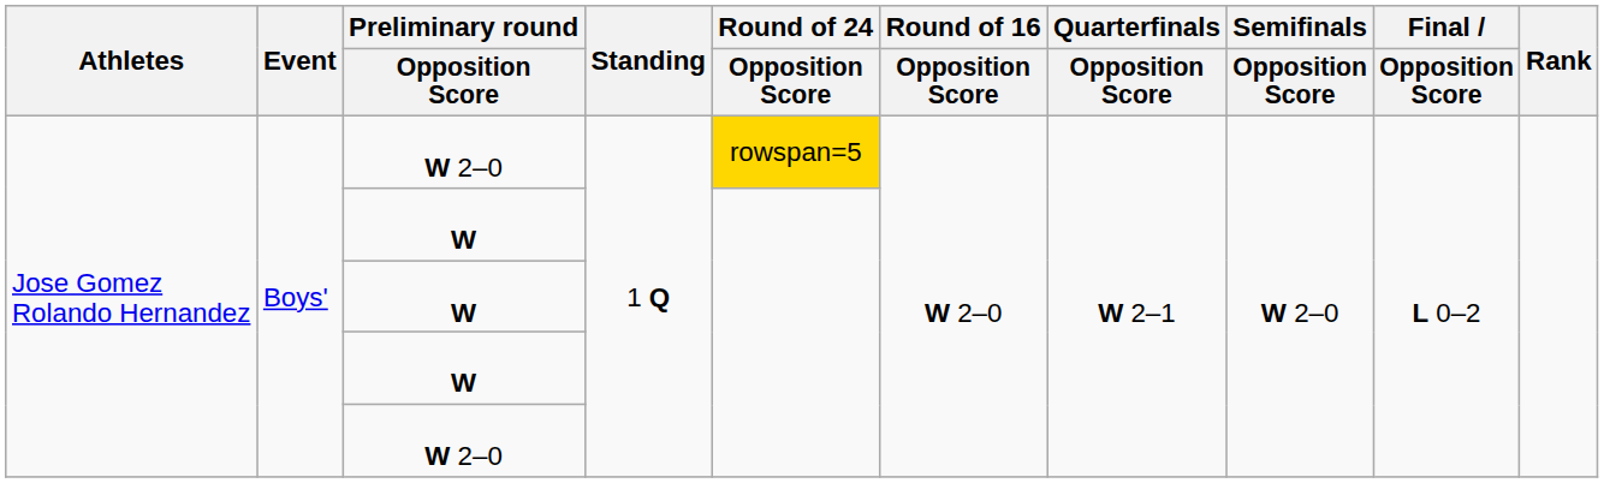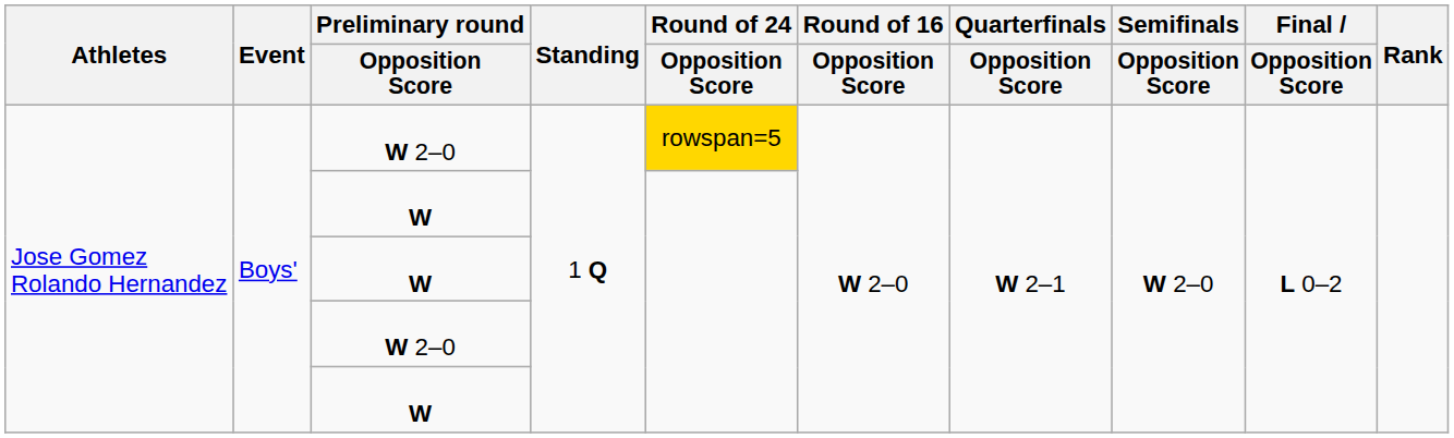 <table class=wikitable style="font-size:90%">
 <tr>
 <th rowspan="2">Athletes</th>
 <th rowspan="2">Event</th>
 <th>Preliminary round</th>
 <th rowspan="2">Standing</th>
 <th>Round of 24</th>
 <th>Round of 16</th>
 <th>Quarterfinals</th>
 <th>Semifinals</th>
 <th>Final / </th>
 <th rowspan=2>Rank</th>
 </tr>
 <tr style="font-size:95%">
 <th>Opposition<br>Score</th>
 <th>Opposition<br>Score</th>
 <th>Opposition<br>Score</th>
 <th>Opposition<br>Score</th>
 <th>Opposition<br>Score</th>
 <th>Opposition<br>Score</th>
 </tr>
 <tr align=center>
 <td align=left rowspan=5><a href='#'>Jose Gomez</a><br><a href='#'>Rolando Hernandez</a></td>
 <td align=left rowspan=5><a href='#'>Boys'</a></td>
 <td><br><strong>W</strong> 2–0</td>
 <td rowspan=5>1 <strong>Q</strong></td>
 <td style="background: gold;">rowspan=5 </td>
 <td rowspan=5><br><strong>W</strong> 2–0</td>
 <td rowspan=5><br><strong>W</strong> 2–1</td>
 <td rowspan=5><br><strong>W</strong> 2–0</td>
 <td rowspan=5><br><strong>L</strong> 0–2</td>
 <td rowspan=5></td>
 </tr>
 <tr align=center>
 <td><br><strong>W</strong></td>
 </tr>
 <tr align=center>
 <td><br><strong>W</strong></td>
 </tr>
 <tr align=center>
+<td><br><strong>W</strong> 2–0</td>
+</tr>
+<tr align=center>
 <td><br><strong>W</strong></td>
 </tr>
-<tr align=center>
-<td><br><strong>W</strong> 2–0</td>
-</tr>
 </table>
